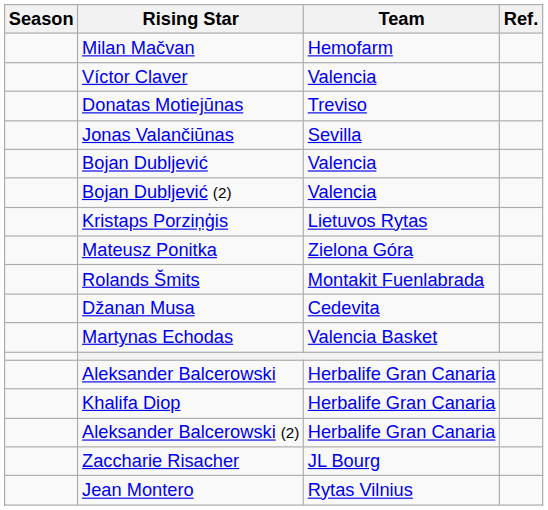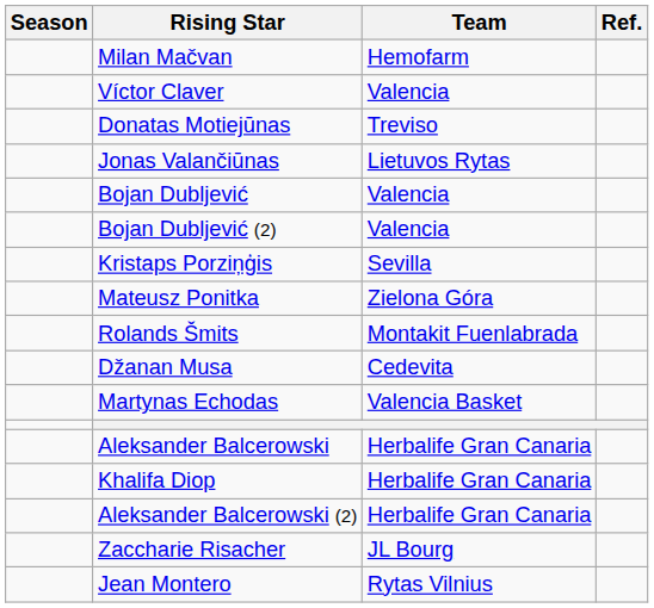 <table class="wikitable sortable">
 <tr>
 <th>Season</th>
 <th>Rising Star</th>
 <th>Team</th>
 <th>Ref.</th>
 </tr>
 <tr>
 <td></td>
 <td> <a href='#'>Milan Mačvan</a></td>
 <td> <a href='#'>Hemofarm</a></td>
 <td></td>
 </tr>
 <tr>
 <td></td>
 <td> <a href='#'>Víctor Claver</a></td>
 <td> <a href='#'>Valencia</a></td>
 <td></td>
 </tr>
 <tr>
 <td></td>
 <td> <a href='#'>Donatas Motiejūnas</a></td>
 <td> <a href='#'>Treviso</a></td>
 <td></td>
 </tr>
 <tr>
 <td></td>
 <td> <a href='#'>Jonas Valančiūnas</a></td>
-<td> <a href='#'>Sevilla</a></td>
+<td> <a href='#'>Lietuvos Rytas</a></td>
 <td></td>
 </tr>
 <tr>
 <td></td>
 <td> <a href='#'>Bojan Dubljević</a></td>
 <td> <a href='#'>Valencia</a></td>
 <td></td>
 </tr>
 <tr>
 <td></td>
 <td> <a href='#'>Bojan Dubljević</a> <small>(2)</small></td>
 <td> <a href='#'>Valencia</a></td>
 <td></td>
 </tr>
 <tr>
 <td></td>
 <td> <a href='#'>Kristaps Porziņģis</a></td>
-<td> <a href='#'>Lietuvos Rytas</a></td>
+<td> <a href='#'>Sevilla</a></td>
 <td></td>
 </tr>
 <tr>
 <td></td>
 <td> <a href='#'>Mateusz Ponitka</a></td>
 <td> <a href='#'>Zielona Góra</a></td>
 <td></td>
 </tr>
 <tr>
 <td></td>
 <td> <a href='#'>Rolands Šmits</a></td>
 <td> <a href='#'>Montakit Fuenlabrada</a></td>
 <td></td>
 </tr>
 <tr>
 <td></td>
 <td> <a href='#'>Džanan Musa</a></td>
 <td> <a href='#'>Cedevita</a></td>
 <td></td>
 </tr>
 <tr>
 <td></td>
 <td> <a href='#'>Martynas Echodas</a></td>
 <td> <a href='#'>Valencia Basket</a></td>
 <td></td>
 </tr>
 <tr>
 <td></td>
 <th scope="row" colspan=5></th>
 </tr>
 <tr>
 <td></td>
 <td> <a href='#'>Aleksander Balcerowski</a></td>
 <td> <a href='#'>Herbalife Gran Canaria</a></td>
 <td></td>
 </tr>
 <tr>
 <td></td>
 <td> <a href='#'>Khalifa Diop</a></td>
 <td> <a href='#'>Herbalife Gran Canaria</a></td>
 <td></td>
 </tr>
 <tr>
 <td></td>
 <td> <a href='#'>Aleksander Balcerowski</a> <small>(2)</small></td>
 <td> <a href='#'>Herbalife Gran Canaria</a></td>
 <td></td>
 </tr>
 <tr>
 <td></td>
 <td> <a href='#'>Zaccharie Risacher</a></td>
 <td> <a href='#'>JL Bourg</a></td>
 <td></td>
 </tr>
 <tr>
 <td></td>
 <td> <a href='#'>Jean Montero</a></td>
 <td> <a href='#'>Rytas Vilnius</a></td>
 <td></td>
 </tr>
 </table>
